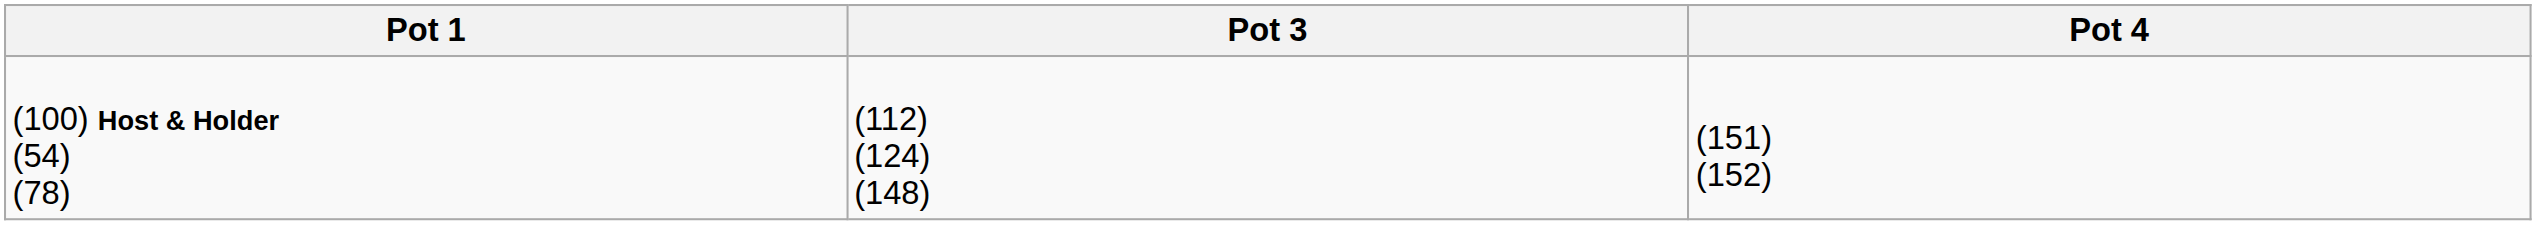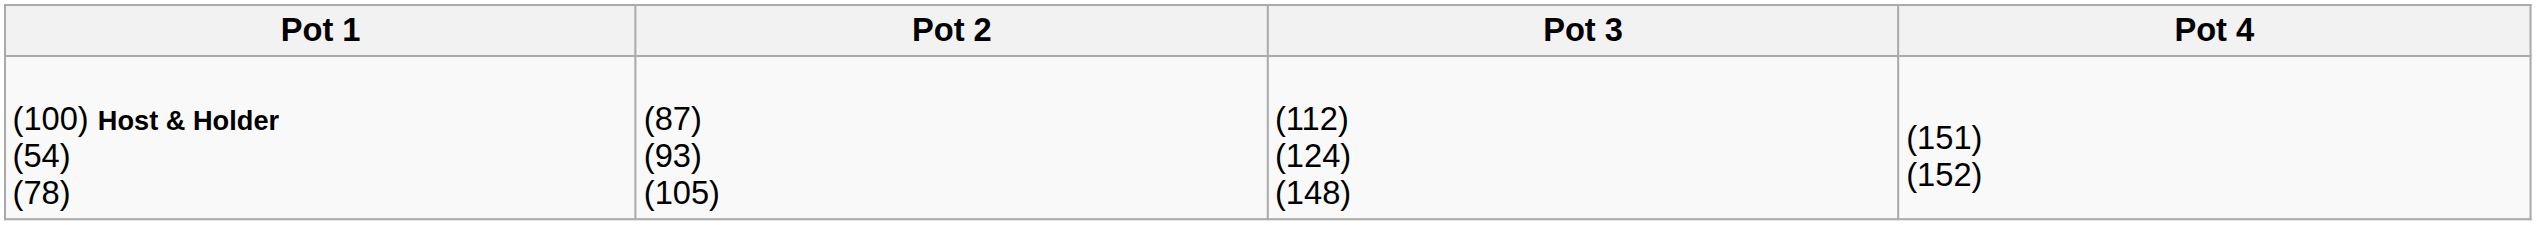 <table class="wikitable" style="width:98%;">
 <tr>
 <th width=25%><strong>Pot 1</strong></th>
+<th width=25%><strong>Pot 2</strong></th>
 <th width=25%><strong>Pot 3</strong></th>
 <th width=25%><strong>Pot 4</strong></th>
 </tr>
 <tr>
 <td><br> (100) <small><strong>Host & Holder</strong></small><br>  (54) <br>  (78)</td>
+<td><br> (87) <br>  (93) <br>  (105)</td>
 <td><br> (112) <br>  (124) <br>  (148) <br></td>
 <td><br> (151) <br>  (152)</td>
 </tr>
 </table>
